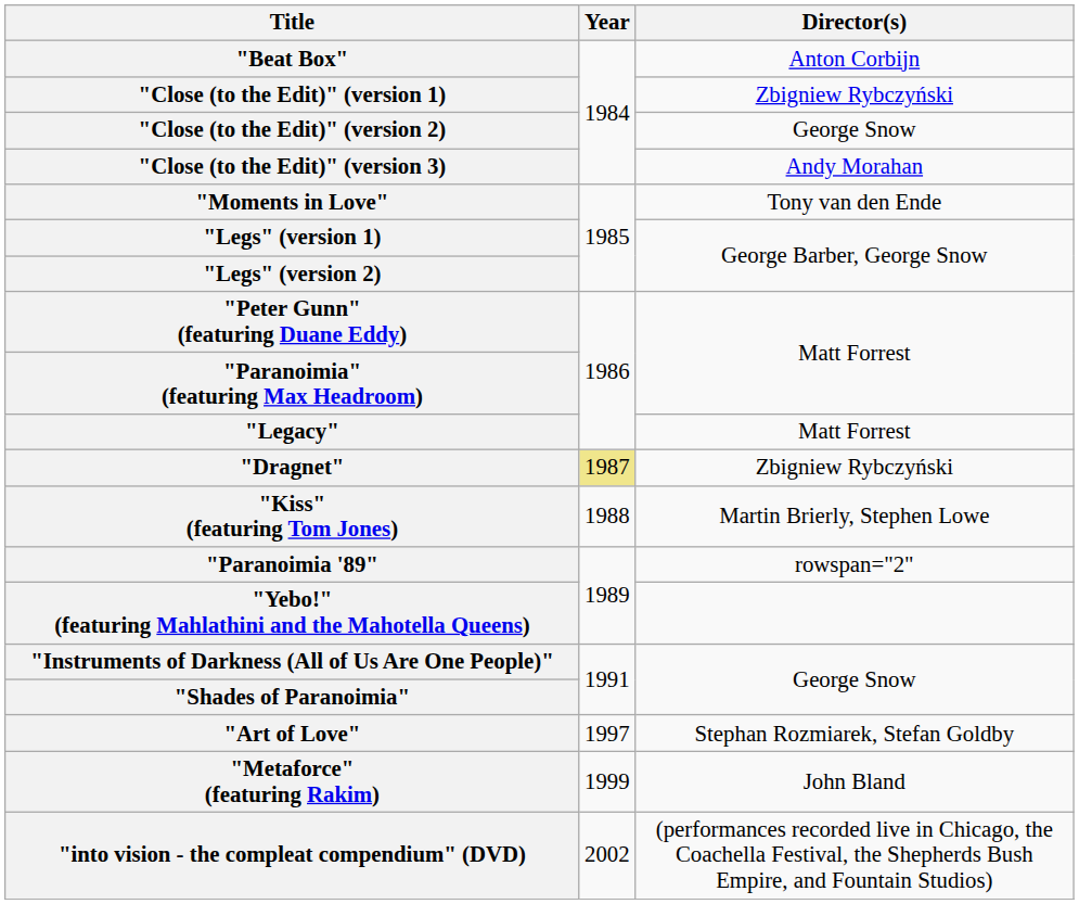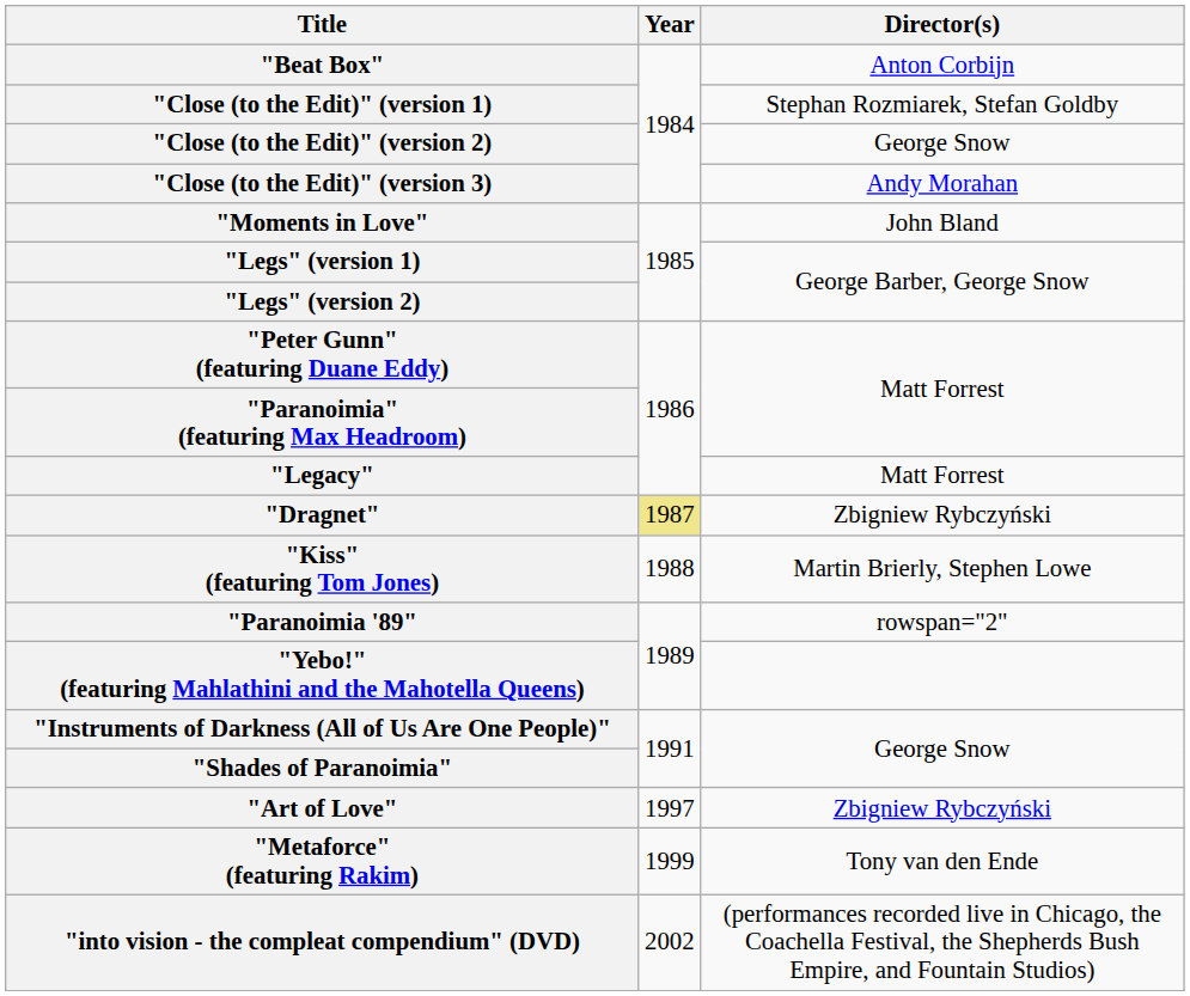 <table class="wikitable plainrowheaders" style="text-align:center;">
 <tr>
 <th scope="col" style="width:25em;">Title</th>
 <th scope="col">Year</th>
 <th scope="col" style="width:19em;">Director(s)</th>
 </tr>
 <tr>
 <th scope="row">"Beat Box"</th>
 <td rowspan="4">1984</td>
 <td><a href='#'>Anton Corbijn</a></td>
 </tr>
 <tr>
 <th scope="row">"Close (to the Edit)" (version 1)</th>
-<td><a href='#'>Zbigniew Rybczyński</a></td>
+<td>Stephan Rozmiarek, Stefan Goldby</td>
 </tr>
 <tr>
 <th scope="row">"Close (to the Edit)" (version 2)</th>
 <td>George Snow</td>
 </tr>
 <tr>
 <th scope="row">"Close (to the Edit)" (version 3)</th>
 <td><a href='#'>Andy Morahan</a></td>
 </tr>
 <tr>
 <th scope="row">"Moments in Love"</th>
 <td rowspan="3">1985</td>
-<td>Tony van den Ende</td>
+<td>John Bland</td>
 </tr>
 <tr>
 <th scope="row">"Legs" (version 1)</th>
 <td rowspan="2">George Barber, George Snow</td>
 </tr>
 <tr>
 <th scope="row">"Legs" (version 2)</th>
 </tr>
 <tr>
 <th scope="row">"Peter Gunn"<br><span>(featuring <a href='#'>Duane Eddy</a>)</span></th>
 <td rowspan="3">1986</td>
 <td rowspan="2">Matt Forrest</td>
 </tr>
 <tr>
 <th scope="row">"Paranoimia"<br><span>(featuring <a href='#'>Max Headroom</a>)</span></th>
 </tr>
 <tr>
 <th scope="row">"Legacy"</th>
 <td>Matt Forrest</td>
 </tr>
 <tr>
 <th scope="row">"Dragnet"</th>
 <td style="background: khaki;">1987</td>
 <td>Zbigniew Rybczyński</td>
 </tr>
 <tr>
 <th scope="row">"Kiss"<br><span>(featuring <a href='#'>Tom Jones</a>)</span></th>
 <td>1988</td>
 <td>Martin Brierly, Stephen Lowe</td>
 </tr>
 <tr>
 <th scope="row">"Paranoimia '89"</th>
 <td rowspan="2">1989</td>
 <td>rowspan="2" </td>
 </tr>
 <tr>
 <th scope="row">"Yebo!"<br><span>(featuring <a href='#'>Mahlathini and the Mahotella Queens</a>)</span></th>
 </tr>
 <tr>
 <th scope="row">"Instruments of Darkness (All of Us Are One People)"</th>
 <td rowspan="2">1991</td>
 <td rowspan="2">George Snow</td>
 </tr>
 <tr>
 <th scope="row">"Shades of Paranoimia"</th>
 </tr>
 <tr>
 <th scope="row">"Art of Love"</th>
 <td>1997</td>
-<td>Stephan Rozmiarek, Stefan Goldby</td>
+<td><a href='#'>Zbigniew Rybczyński</a></td>
 </tr>
 <tr>
 <th scope="row">"Metaforce"<br><span>(featuring <a href='#'>Rakim</a>)</span></th>
 <td>1999</td>
-<td>John Bland</td>
+<td>Tony van den Ende</td>
 </tr>
 <tr>
 <th scope="row">"into vision - the compleat compendium" (DVD)</th>
 <td>2002</td>
 <td> (performances recorded live in Chicago, the Coachella Festival, the Shepherds Bush Empire, and Fountain Studios)</td>
 </tr>
 <tr>
 </tr>
 </table>
